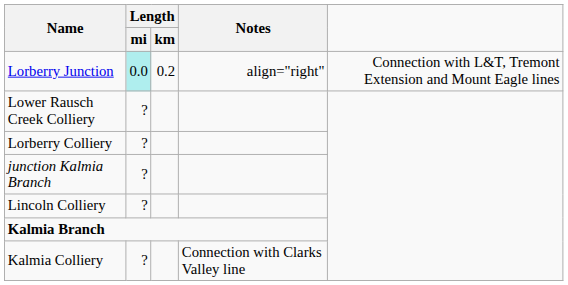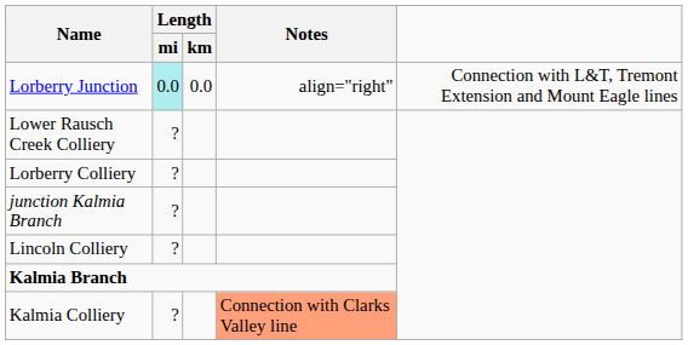 <table class="wikitable" style="text-align:right">
 <tr>
 <th rowspan=2>Name</th>
 <th colspan=2>Length</th>
 <th rowspan=2>Notes</th>
 </tr>
 <tr>
 <th>mi</th>
 <th>km</th>
 </tr>
 <tr>
 <td align="left"><a href='#'>Lorberry Junction</a></td>
 <td style="background: paleturquoise;">0.0</td>
-<td>0.2</td>
+<td>0.0</td>
 <td>align="right"</td>
 <td>Connection with L&T, Tremont Extension and Mount Eagle lines</td>
 </tr>
 <tr>
 <td align="left">Lower Rausch Creek Colliery</td>
 <td>?</td>
 <td></td>
 <td></td>
 </tr>
 <tr>
 <td align="left">Lorberry Colliery</td>
 <td>?</td>
 <td></td>
 <td></td>
 </tr>
 <tr>
 <td align="left"><em>junction Kalmia Branch</em></td>
 <td>?</td>
 <td></td>
 <td></td>
 </tr>
 <tr>
 <td align="left">Lincoln Colliery</td>
 <td>?</td>
 <td></td>
 <td></td>
 </tr>
 <tr>
 <td colspan="4" align="left"><strong>Kalmia Branch</strong></td>
 </tr>
 <tr>
 <td align="left">Kalmia Colliery</td>
 <td>?</td>
 <td></td>
-<td align="left">Connection with Clarks Valley line</td>
+<td align="left" style="background: lightsalmon;">Connection with Clarks Valley line</td>
 </tr>
 </table>
